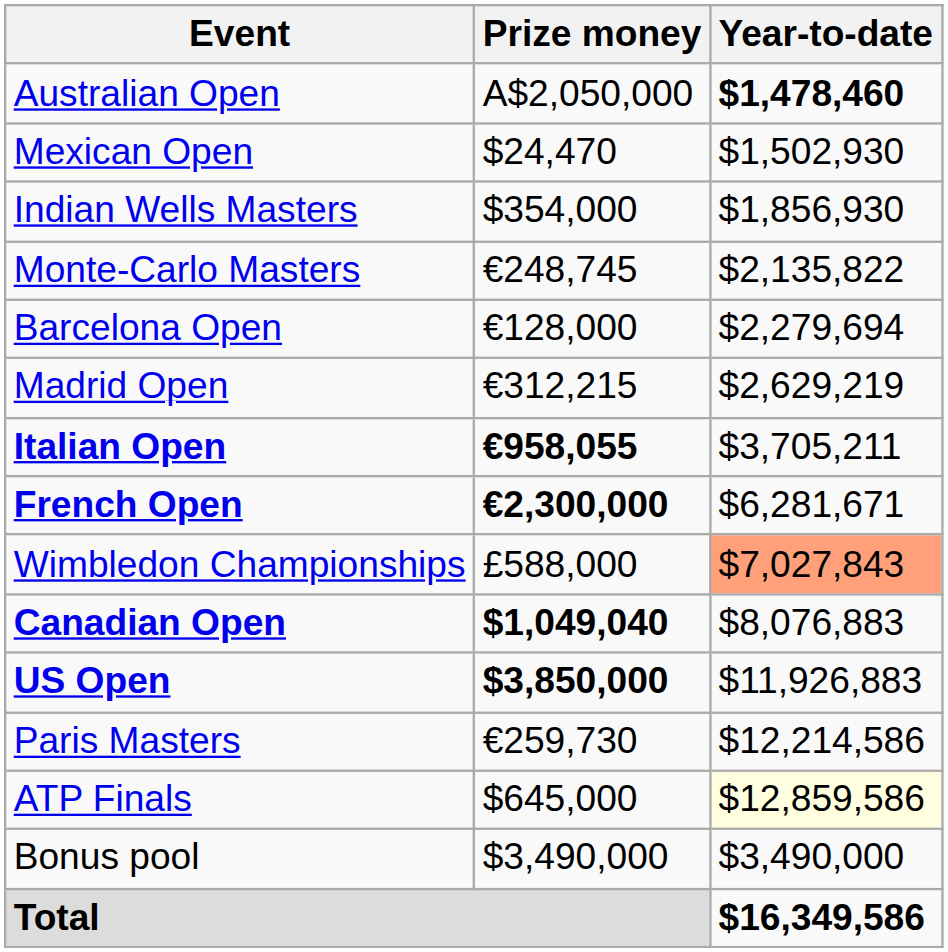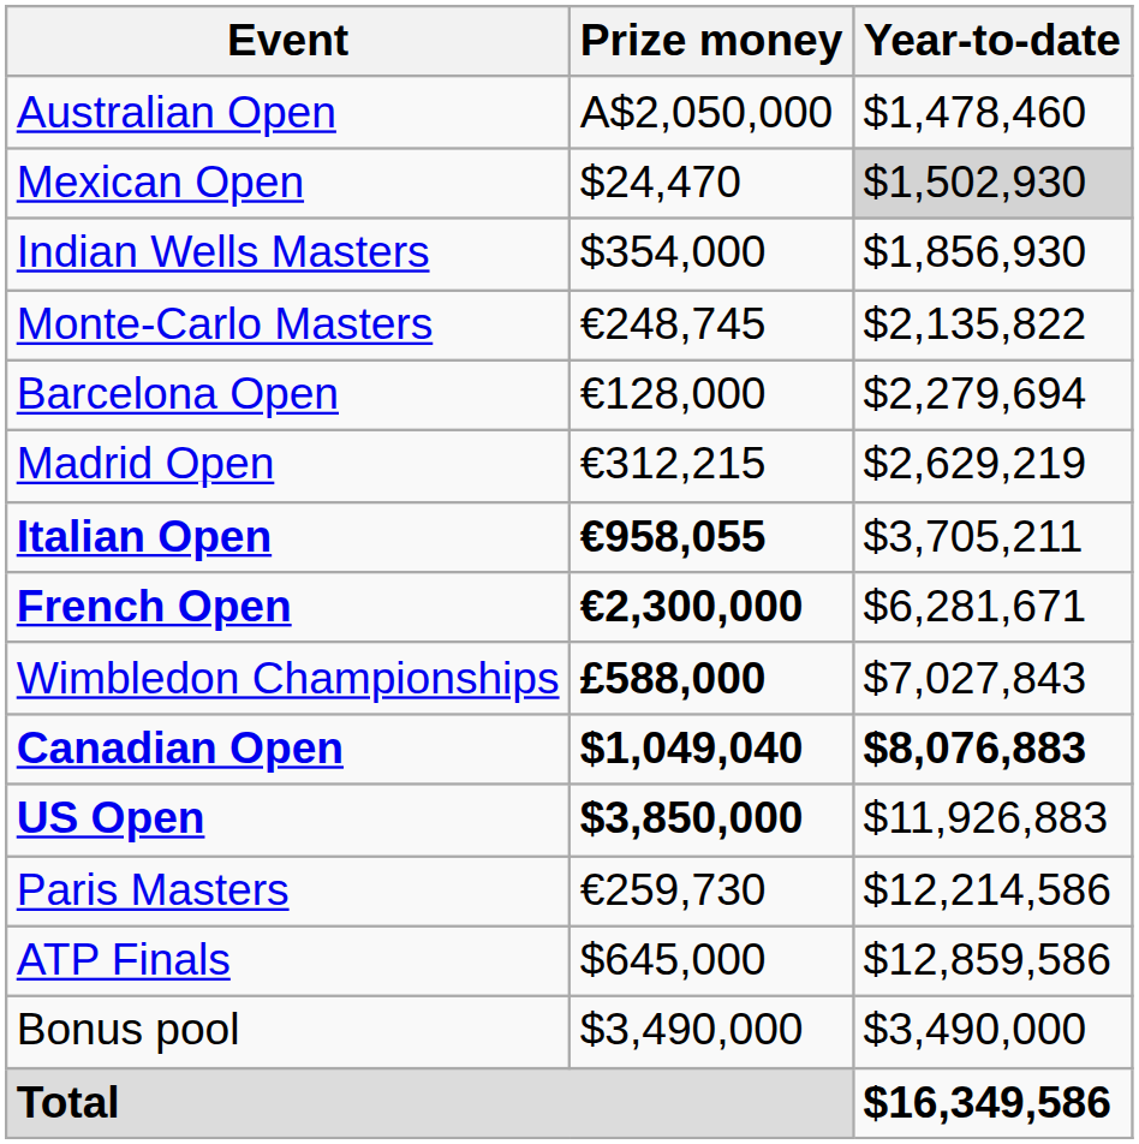 <table class="wikitable sortable">
 <tr>
 <th>Event</th>
 <th>Prize money</th>
 <th>Year-to-date</th>
 </tr>
 <tr>
 <td><a href='#'>Australian Open</a></td>
 <td>A$2,050,000</td>
-<td><strong>$1,478,460</strong></td>
+<td>$1,478,460</td>
 </tr>
 <tr>
 <td><a href='#'>Mexican Open</a></td>
 <td>$24,470</td>
-<td>$1,502,930</td>
+<td style="background: lightgrey;">$1,502,930</td>
 </tr>
 <tr>
 <td><a href='#'>Indian Wells Masters</a></td>
 <td>$354,000</td>
 <td>$1,856,930</td>
 </tr>
 <tr>
 <td><a href='#'>Monte-Carlo Masters</a></td>
 <td>€248,745</td>
 <td>$2,135,822</td>
 </tr>
 <tr>
 <td><a href='#'>Barcelona Open</a></td>
 <td>€128,000</td>
 <td>$2,279,694</td>
 </tr>
 <tr>
 <td><a href='#'>Madrid Open</a></td>
 <td>€312,215</td>
 <td>$2,629,219</td>
 </tr>
 <tr>
 <td><strong><a href='#'>Italian Open</a></strong></td>
 <td><strong>€958,055</strong></td>
 <td>$3,705,211</td>
 </tr>
 <tr>
 <td><strong><a href='#'>French Open</a></strong></td>
 <td><strong>€2,300,000</strong></td>
 <td>$6,281,671</td>
 </tr>
 <tr>
 <td><a href='#'>Wimbledon Championships</a></td>
-<td>£588,000</td>
-<td style="background: lightsalmon;">$7,027,843</td>
+<td><strong>£588,000</strong></td>
+<td>$7,027,843</td>
 </tr>
 <tr>
 <td><strong><a href='#'>Canadian Open</a></strong></td>
 <td><strong>$1,049,040</strong></td>
-<td>$8,076,883</td>
+<td><strong>$8,076,883</strong></td>
 </tr>
 <tr>
 <td><strong><a href='#'>US Open</a></strong></td>
 <td><strong>$3,850,000</strong></td>
 <td>$11,926,883</td>
 </tr>
 <tr>
 <td><a href='#'>Paris Masters</a></td>
 <td>€259,730</td>
 <td>$12,214,586</td>
 </tr>
 <tr>
 <td><a href='#'>ATP Finals</a></td>
 <td>$645,000</td>
-<td style="background: lightyellow;">$12,859,586</td>
+<td>$12,859,586</td>
 </tr>
 <tr>
 <td>Bonus pool</td>
 <td>$3,490,000</td>
 <td>$3,490,000</td>
 </tr>
 <tr class="sortbottom">
 <td bgcolor="#dcdcdc" colspan="2"><strong>Total</strong></td>
 <td><strong>$16,349,586</strong></td>
 </tr>
 </table>
